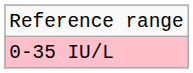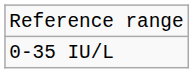 <table class="wikitable" align="right">
 <tr>
 <td>Reference range</td>
 </tr>
 <tr>
-<td style="background: pink;">0-35 IU/L</td>
+<td>0-35 IU/L</td>
 </tr>
 </table>
